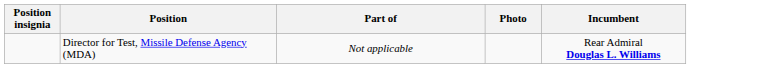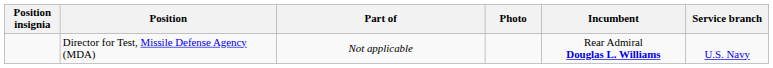 <table class="wikitable">
 <tr>
 <th width="75" style="text-align:center">Position insignia</th>
 <th width="310" style="text-align:center">Position</th>
 <th width="300" style="text-align:center">Part of</th>
 <th width="75" style="text-align:center">Photo</th>
 <th width="205" style="text-align:center">Incumbent</th>
+<th width="115" style="text-align:center">Service branch</th>
 </tr>
 <tr>
 <td></td>
 <td>Director for Test, <a href='#'>Missile Defense Agency</a> (MDA)</td>
 <td style="text-align:center"><em>Not applicable</em></td>
 <td></td>
 <td style="text-align:center">Rear Admiral<br><strong><a href='#'>Douglas L. Williams</a></strong></td>
+<td style="text-align:center"><br><a href='#'>U.S. Navy</a></td>
 </tr>
 </table>
